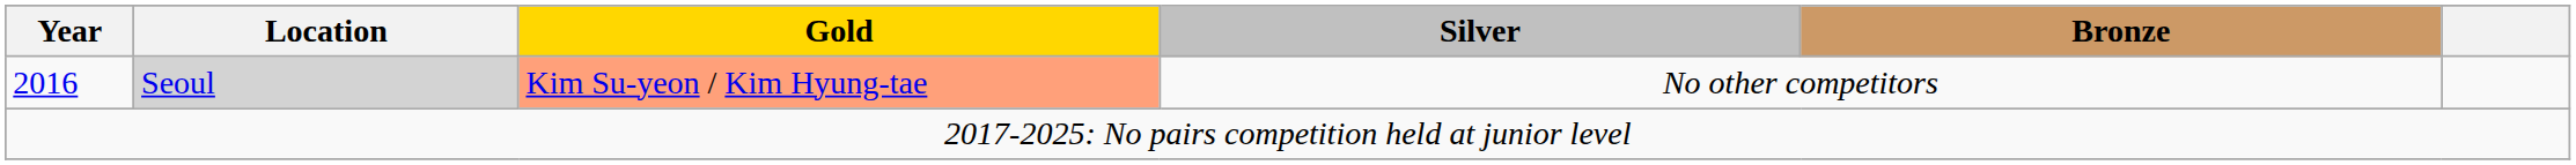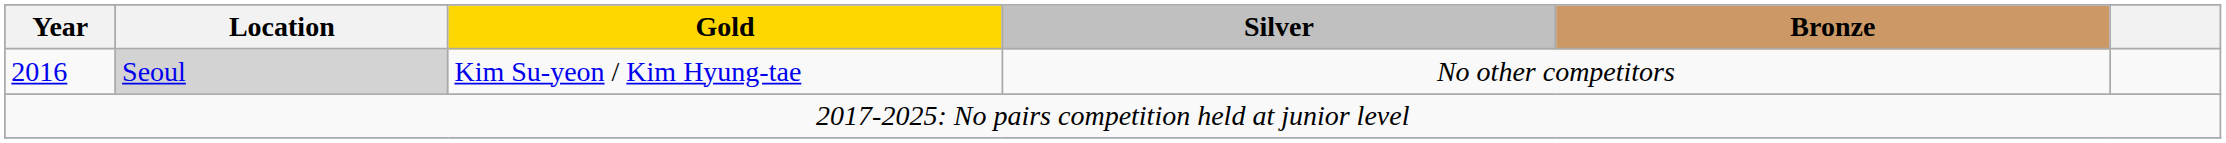 <table class="wikitable unsortable" style="text-align:left; width:80%">
 <tr>
 <th scope="col" style="text-align:center; width:5%">Year</th>
 <th scope="col" style="text-align:center; width:15%">Location</th>
 <th scope="col" style="text-align:center; width:25%; background:gold">Gold</th>
 <th scope="col" style="text-align:center; width:25%; background:silver">Silver</th>
 <th scope="col" style="text-align:center; width:25%; background:#c96">Bronze</th>
 <th scope="col" style="text-align:center; width:5%"></th>
 </tr>
 <tr>
 <td><a href='#'>2016</a></td>
 <td style="background: lightgrey;"><a href='#'>Seoul</a></td>
-<td style="background: lightsalmon;"><a href='#'>Kim Su-yeon</a> / <a href='#'>Kim Hyung-tae</a></td>
+<td><a href='#'>Kim Su-yeon</a> / <a href='#'>Kim Hyung-tae</a></td>
 <td colspan=2 align=center><em>No other competitors</em></td>
 <td></td>
 </tr>
 <tr>
 <td colspan=6 align=center><em>2017-2025: No pairs competition held at junior level</em></td>
 </tr>
 </table>
